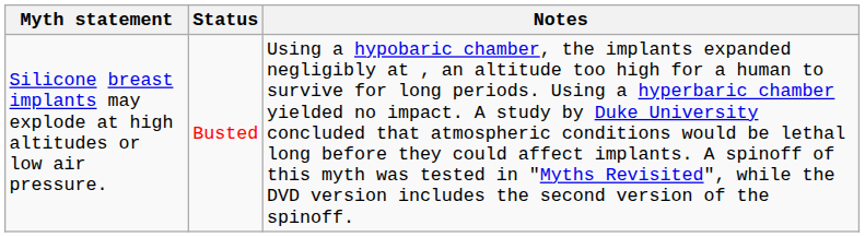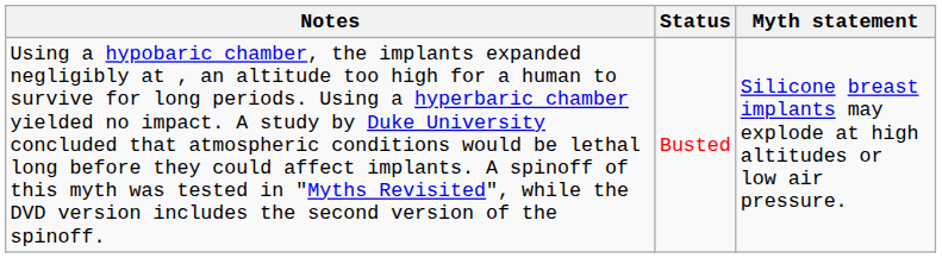 <table class="wikitable">
 <tr>
+<th>Notes</th>
+<th>Status</th>
 <th>Myth statement</th>
-<th>Status</th>
-<th>Notes</th>
 </tr>
 <tr>
+<td>Using a <a href='#'>hypobaric chamber</a>, the implants expanded negligibly at , an altitude too high for a human to survive for long periods. Using a <a href='#'>hyperbaric chamber</a> yielded no impact. A study by <a href='#'>Duke University</a> concluded that atmospheric conditions would be lethal long before they could affect implants. A spinoff of this myth was tested in "<a href='#'>Myths Revisited</a>", while the DVD version includes the second version of the spinoff.</td>
+<td style="color:red">Busted</td>
 <td><a href='#'>Silicone</a> <a href='#'>breast implants</a> may explode at high altitudes or low air pressure.</td>
-<td style="color:red">Busted</td>
-<td>Using a <a href='#'>hypobaric chamber</a>, the implants expanded negligibly at , an altitude too high for a human to survive for long periods. Using a <a href='#'>hyperbaric chamber</a> yielded no impact. A study by <a href='#'>Duke University</a> concluded that atmospheric conditions would be lethal long before they could affect implants. A spinoff of this myth was tested in "<a href='#'>Myths Revisited</a>", while the DVD version includes the second version of the spinoff.</td>
 </tr>
 </table>
